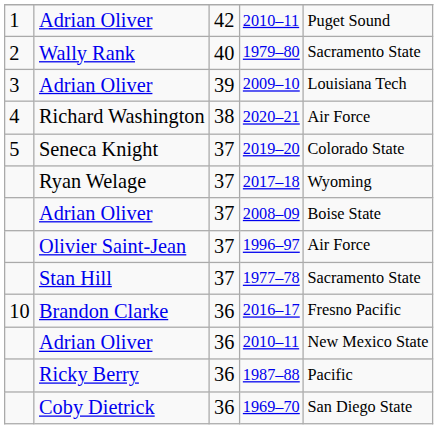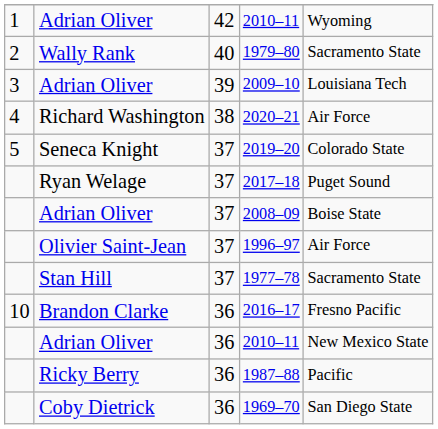 <table class="wikitable">
 <tr>
 </tr>
 <tr>
 <td>1</td>
 <td><a href='#'>Adrian Oliver</a></td>
 <td>42</td>
 <td style="font-size:80%;"><a href='#'>2010–11</a></td>
-<td style="font-size:80%;">Puget Sound</td>
+<td style="font-size:80%;">Wyoming</td>
 </tr>
 <tr>
 <td>2</td>
 <td><a href='#'>Wally Rank</a></td>
 <td>40</td>
 <td style="font-size:80%;"><a href='#'>1979–80</a></td>
 <td style="font-size:80%;">Sacramento State</td>
 </tr>
 <tr>
 <td>3</td>
 <td><a href='#'>Adrian Oliver</a></td>
 <td>39</td>
 <td style="font-size:80%;"><a href='#'>2009–10</a></td>
 <td style="font-size:80%;">Louisiana Tech</td>
 </tr>
 <tr>
 <td>4</td>
 <td>Richard Washington</td>
 <td>38</td>
 <td style="font-size:80%;"><a href='#'>2020–21</a></td>
 <td style="font-size:80%;">Air Force</td>
 </tr>
 <tr>
 <td>5</td>
 <td>Seneca Knight</td>
 <td>37</td>
 <td style="font-size:80%;"><a href='#'>2019–20</a></td>
 <td style="font-size:80%;">Colorado State</td>
 </tr>
 <tr>
 <td></td>
 <td>Ryan Welage</td>
 <td>37</td>
 <td style="font-size:80%;"><a href='#'>2017–18</a></td>
-<td style="font-size:80%;">Wyoming</td>
+<td style="font-size:80%;">Puget Sound</td>
 </tr>
 <tr>
 <td></td>
 <td><a href='#'>Adrian Oliver</a></td>
 <td>37</td>
 <td style="font-size:80%;"><a href='#'>2008–09</a></td>
 <td style="font-size:80%;">Boise State</td>
 </tr>
 <tr>
 <td></td>
 <td><a href='#'>Olivier Saint-Jean</a></td>
 <td>37</td>
 <td style="font-size:80%;"><a href='#'>1996–97</a></td>
 <td style="font-size:80%;">Air Force</td>
 </tr>
 <tr>
 <td></td>
 <td><a href='#'>Stan Hill</a></td>
 <td>37</td>
 <td style="font-size:80%;"><a href='#'>1977–78</a></td>
 <td style="font-size:80%;">Sacramento State</td>
 </tr>
 <tr>
 <td>10</td>
 <td><a href='#'>Brandon Clarke</a></td>
 <td>36</td>
 <td style="font-size:80%;"><a href='#'>2016–17</a></td>
 <td style="font-size:80%;">Fresno Pacific</td>
 </tr>
 <tr>
 <td></td>
 <td><a href='#'>Adrian Oliver</a></td>
 <td>36</td>
 <td style="font-size:80%;"><a href='#'>2010–11</a></td>
 <td style="font-size:80%;">New Mexico State</td>
 </tr>
 <tr>
 <td></td>
 <td><a href='#'>Ricky Berry</a></td>
 <td>36</td>
 <td style="font-size:80%;"><a href='#'>1987–88</a></td>
 <td style="font-size:80%;">Pacific</td>
 </tr>
 <tr>
 <td></td>
 <td><a href='#'>Coby Dietrick</a></td>
 <td>36</td>
 <td style="font-size:80%;"><a href='#'>1969–70</a></td>
 <td style="font-size:80%;">San Diego State</td>
 </tr>
 </table>
